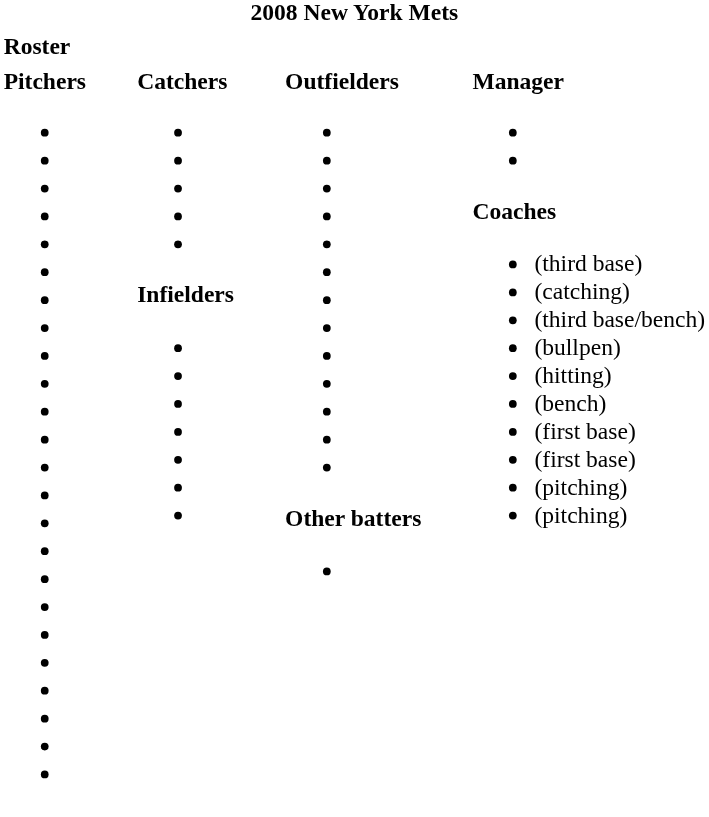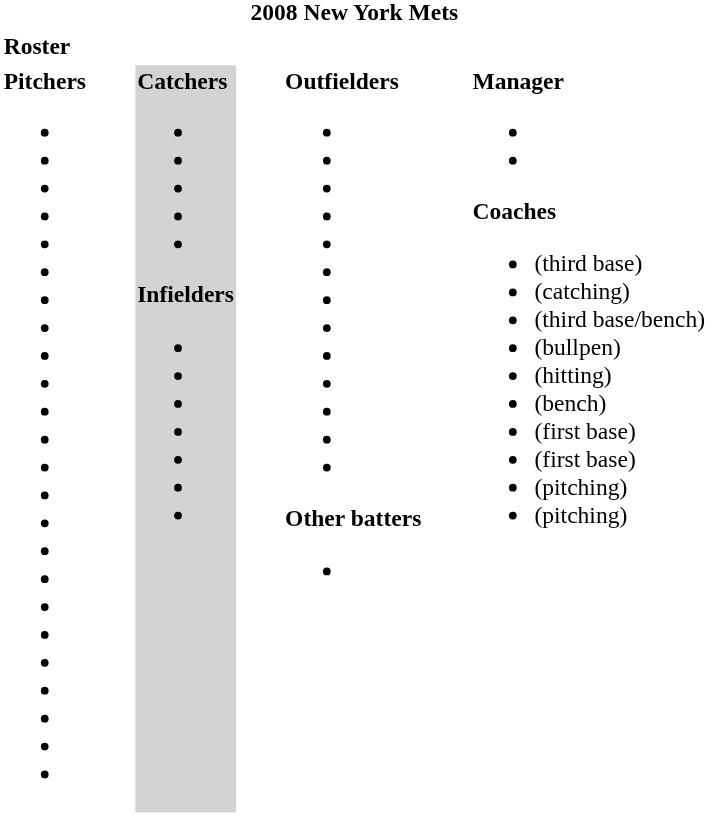 <table class="toccolours" style="font-size: 95%;">
 <tr>
 <th colspan="10">2008 New York Mets</th>
 </tr>
 <tr>
 <td colspan="10"><strong>Roster</strong></td>
 </tr>
 <tr>
 <td valign="top"><strong>Pitchers</strong><br><ul><li></li><li></li><li></li><li></li><li></li><li></li><li></li><li></li><li></li><li></li><li></li><li></li><li></li><li></li><li></li><li></li><li></li><li></li><li></li><li></li><li></li><li></li><li></li><li></li></ul></td>
 <td style="width:25px;"></td>
-<td valign="top"><strong>Catchers</strong><br><ul><li></li><li></li><li></li><li></li><li></li></ul><strong>Infielders</strong><ul><li></li><li></li><li></li><li></li><li></li><li></li><li></li></ul></td>
+<td valign="top" style="background: lightgrey;"><strong>Catchers</strong><br><ul><li></li><li></li><li></li><li></li><li></li></ul><strong>Infielders</strong><ul><li></li><li></li><li></li><li></li><li></li><li></li><li></li></ul></td>
 <td style="width:25px;"></td>
 <td valign="top"><strong>Outfielders</strong><br><ul><li></li><li></li><li></li><li></li><li></li><li></li><li></li><li></li><li></li><li></li><li></li><li></li><li></li></ul><strong>Other batters</strong><ul><li></li></ul></td>
 <td style="width:25px;"></td>
 <td valign="top"><strong>Manager</strong><br><ul><li></li><li></li></ul><strong>Coaches</strong><ul><li> (third base)</li><li> (catching)</li><li> (third base/bench)</li><li> (bullpen)</li><li> (hitting)</li><li> (bench)</li><li> (first base)</li><li> (first base)</li><li> (pitching)</li><li> (pitching)</li></ul></td>
 </tr>
 </table>
